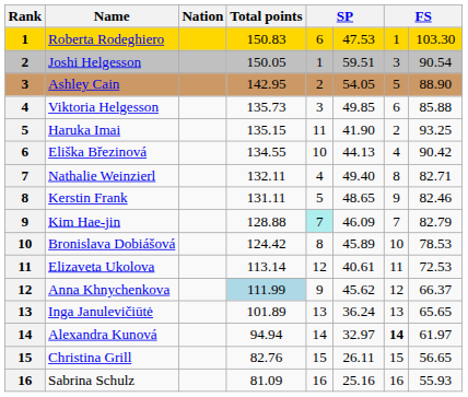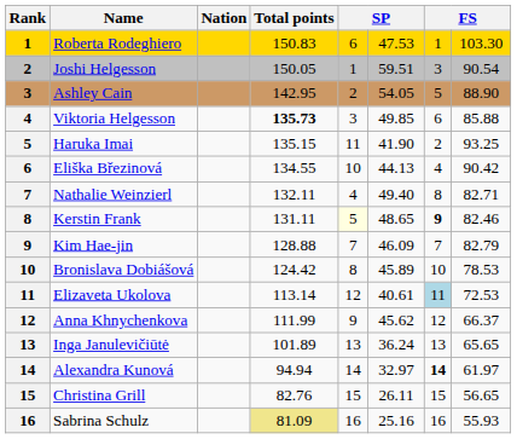 <table class="wikitable sortable">
 <tr>
 <th>Rank</th>
 <th>Name</th>
 <th>Nation</th>
 <th>Total points</th>
 <th colspan="2" width="80px"><a href='#'>SP</a></th>
 <th colspan="2" width="80px"><a href='#'>FS</a></th>
 </tr>
 <tr bgcolor="gold">
 <td align="center"><strong>1</strong></td>
 <td><a href='#'>Roberta Rodeghiero</a></td>
 <td></td>
 <td align="center">150.83</td>
 <td align="center">6</td>
 <td align="center">47.53</td>
 <td align="center">1</td>
 <td align="center">103.30</td>
 </tr>
 <tr bgcolor="silver">
 <td align="center"><strong>2</strong></td>
 <td><a href='#'>Joshi Helgesson</a></td>
 <td></td>
 <td align="center">150.05</td>
 <td align="center">1</td>
 <td align="center">59.51</td>
 <td align="center">3</td>
 <td align="center">90.54</td>
 </tr>
 <tr bgcolor="cc9966">
 <td align="center"><strong>3</strong></td>
 <td><a href='#'>Ashley Cain</a></td>
 <td></td>
 <td align="center">142.95</td>
 <td align="center">2</td>
 <td align="center">54.05</td>
 <td align="center">5</td>
 <td align="center">88.90</td>
 </tr>
 <tr>
 <th>4</th>
 <td><a href='#'>Viktoria Helgesson</a></td>
 <td></td>
-<td align="center">135.73</td>
+<td align="center"><strong>135.73</strong></td>
 <td align="center">3</td>
 <td align="center">49.85</td>
 <td align="center">6</td>
 <td align="center">85.88</td>
 </tr>
 <tr>
 <th>5</th>
 <td><a href='#'>Haruka Imai</a></td>
 <td></td>
 <td align="center">135.15</td>
 <td align="center">11</td>
 <td align="center">41.90</td>
 <td align="center">2</td>
 <td align="center">93.25</td>
 </tr>
 <tr>
 <th>6</th>
 <td><a href='#'>Eliška Březinová</a></td>
 <td></td>
 <td align="center">134.55</td>
 <td align="center">10</td>
 <td align="center">44.13</td>
 <td align="center">4</td>
 <td align="center">90.42</td>
 </tr>
 <tr>
 <th>7</th>
 <td><a href='#'>Nathalie Weinzierl</a></td>
 <td></td>
 <td align="center">132.11</td>
 <td align="center">4</td>
 <td align="center">49.40</td>
 <td align="center">8</td>
 <td align="center">82.71</td>
 </tr>
 <tr>
 <th>8</th>
 <td><a href='#'>Kerstin Frank</a></td>
 <td></td>
 <td align="center">131.11</td>
-<td align="center">5</td>
+<td align="center" style="background: lightyellow;">5</td>
 <td align="center">48.65</td>
-<td align="center">9</td>
+<td align="center"><strong>9</strong></td>
 <td align="center">82.46</td>
 </tr>
 <tr>
 <th>9</th>
 <td><a href='#'>Kim Hae-jin</a></td>
 <td></td>
 <td align="center">128.88</td>
-<td align="center" style="background: paleturquoise;">7</td>
+<td align="center">7</td>
 <td align="center">46.09</td>
 <td align="center">7</td>
 <td align="center">82.79</td>
 </tr>
 <tr>
 <th>10</th>
 <td><a href='#'>Bronislava Dobiášová</a></td>
 <td></td>
 <td align="center">124.42</td>
 <td align="center">8</td>
 <td align="center">45.89</td>
 <td align="center">10</td>
 <td align="center">78.53</td>
 </tr>
 <tr>
 <th>11</th>
 <td><a href='#'>Elizaveta Ukolova</a></td>
 <td></td>
 <td align="center">113.14</td>
 <td align="center">12</td>
 <td align="center">40.61</td>
-<td align="center">11</td>
+<td align="center" style="background: lightblue;">11</td>
 <td align="center">72.53</td>
 </tr>
 <tr>
 <th>12</th>
 <td><a href='#'>Anna Khnychenkova</a></td>
 <td></td>
-<td align="center" style="background: lightblue;">111.99</td>
+<td align="center">111.99</td>
 <td align="center">9</td>
 <td align="center">45.62</td>
 <td align="center">12</td>
 <td align="center">66.37</td>
 </tr>
 <tr>
 <th>13</th>
 <td><a href='#'>Inga Janulevičiūtė</a></td>
 <td></td>
 <td align="center">101.89</td>
 <td align="center">13</td>
 <td align="center">36.24</td>
 <td align="center">13</td>
 <td align="center">65.65</td>
 </tr>
 <tr>
 <th>14</th>
 <td><a href='#'>Alexandra Kunová</a></td>
 <td></td>
 <td align="center">94.94</td>
 <td align="center">14</td>
 <td align="center">32.97</td>
 <td align="center"><strong>14</strong></td>
 <td align="center">61.97</td>
 </tr>
 <tr>
 <th>15</th>
 <td><a href='#'>Christina Grill</a></td>
 <td></td>
 <td align="center">82.76</td>
 <td align="center">15</td>
 <td align="center">26.11</td>
 <td align="center">15</td>
 <td align="center">56.65</td>
 </tr>
 <tr>
 <th>16</th>
 <td>Sabrina Schulz</td>
 <td></td>
-<td align="center">81.09</td>
+<td align="center" style="background: khaki;">81.09</td>
 <td align="center">16</td>
 <td align="center">25.16</td>
 <td align="center">16</td>
 <td align="center">55.93</td>
 </tr>
 </table>
